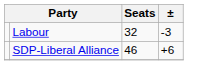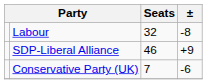 <table class="wikitable">
 <tr>
 <th colspan="2">Party</th>
 <th>Seats</th>
 <th>  ±  </th>
 </tr>
 <tr>
 <td style="background-color: "></td>
 <td><a href='#'>Labour</a></td>
 <td>32</td>
-<td>-3</td>
+<td>-8</td>
 </tr>
 <tr>
 <td style="background-color: "></td>
 <td><a href='#'>SDP-Liberal Alliance</a></td>
 <td>46</td>
-<td>+6</td>
+<td>+9</td>
+</tr>
+<tr>
+<td style="background-color: "></td>
+<td><a href='#'>Conservative Party (UK)</a></td>
+<td>7</td>
+<td>-6</td>
 </tr>
 <tr>
 </tr>
 </table>
